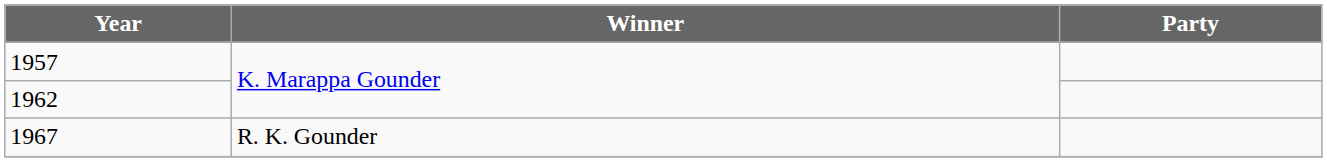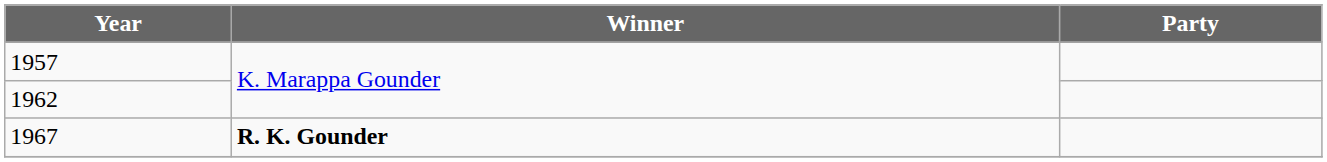 <table class="wikitable sortable" width="70%">
 <tr>
 <th style="background-color:#666666; color:white">Year</th>
 <th style="background-color:#666666; color:white">Winner</th>
 <th style="background-color:#666666; color:white" colspan="2">Party</th>
 </tr>
 <tr>
 <td>1957</td>
 <td rowspan=2><a href='#'>K. Marappa Gounder</a></td>
 <td></td>
 </tr>
 <tr>
 <td>1962</td>
 </tr>
 <tr>
 <td>1967</td>
-<td>R. K. Gounder</td>
+<td><strong>R. K. Gounder</strong></td>
 <td></td>
 </tr>
 <tr>
 </tr>
 </table>
